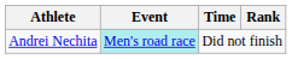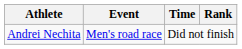 <table class="wikitable" style="font-size:90%">
 <tr>
 <th>Athlete</th>
 <th>Event</th>
 <th>Time</th>
 <th>Rank</th>
 </tr>
 <tr align=center>
 <td align=left><a href='#'>Andrei Nechita</a></td>
-<td align=left style="background: paleturquoise;"><a href='#'>Men's road race</a></td>
+<td align=left><a href='#'>Men's road race</a></td>
 <td colspan=2>Did not finish</td>
 </tr>
 </table>
